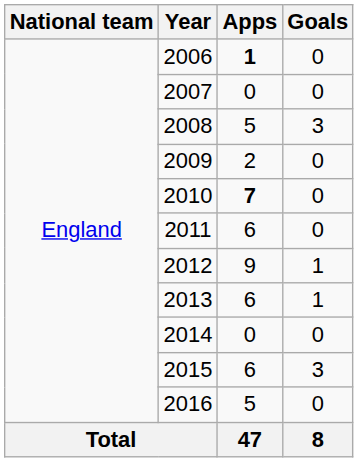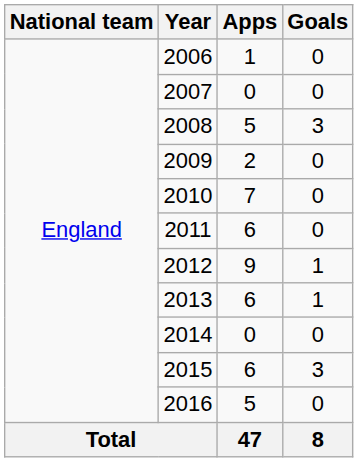 <table class=wikitable style=text-align:center>
 <tr>
 <th>National team</th>
 <th>Year</th>
 <th>Apps</th>
 <th>Goals</th>
 </tr>
 <tr>
 <td rowspan="11"><a href='#'>England</a></td>
 <td>2006</td>
-<td><strong>1</strong></td>
+<td>1</td>
 <td>0</td>
 </tr>
 <tr>
 <td>2007</td>
 <td>0</td>
 <td>0</td>
 </tr>
 <tr>
 <td>2008</td>
 <td>5</td>
 <td>3</td>
 </tr>
 <tr>
 <td>2009</td>
 <td>2</td>
 <td>0</td>
 </tr>
 <tr>
 <td>2010</td>
-<td><strong>7</strong></td>
+<td>7</td>
 <td>0</td>
 </tr>
 <tr>
 <td>2011</td>
 <td>6</td>
 <td>0</td>
 </tr>
 <tr>
 <td>2012</td>
 <td>9</td>
 <td>1</td>
 </tr>
 <tr>
 <td>2013</td>
 <td>6</td>
 <td>1</td>
 </tr>
 <tr>
 <td>2014</td>
 <td>0</td>
 <td>0</td>
 </tr>
 <tr>
 <td>2015</td>
 <td>6</td>
 <td>3</td>
 </tr>
 <tr>
 <td>2016</td>
 <td>5</td>
 <td>0</td>
 </tr>
 <tr>
 <th colspan="2">Total</th>
 <th>47</th>
 <th>8</th>
 </tr>
 </table>
